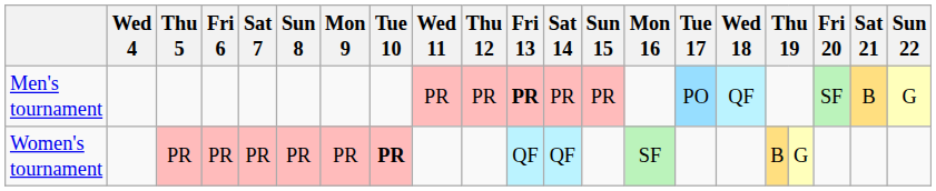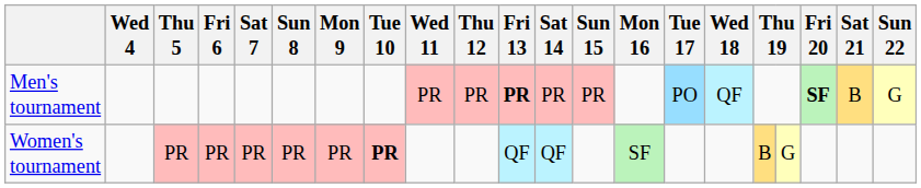 <table class="wikitable" style="margin:0.5em auto; font-size:90%; line-height:1.25em;text-align:center">
 <tr>
 <th></th>
 <th>Wed 4</th>
 <th>Thu 5</th>
 <th>Fri 6</th>
 <th>Sat 7</th>
 <th>Sun 8</th>
 <th>Mon 9</th>
 <th>Tue 10</th>
 <th>Wed 11</th>
 <th>Thu 12</th>
 <th>Fri 13</th>
 <th>Sat 14</th>
 <th>Sun 15</th>
 <th>Mon 16</th>
 <th>Tue 17</th>
 <th>Wed 18</th>
 <th colspan="2">Thu 19</th>
 <th>Fri 20</th>
 <th>Sat 21</th>
 <th>Sun 22</th>
 </tr>
 <tr>
 <td align="left"><a href='#'>Men's tournament</a></td>
 <td></td>
 <td></td>
 <td></td>
 <td></td>
 <td></td>
 <td></td>
 <td></td>
 <td bgcolor="#FFBBBB" align=center>PR</td>
 <td bgcolor="#FFBBBB" align=center>PR</td>
 <td bgcolor="#FFBBBB" align=center><strong>PR</strong></td>
 <td bgcolor="#FFBBBB" align=center>PR</td>
 <td bgcolor="#FFBBBB" align=center>PR</td>
 <td></td>
 <td bgcolor="#97DEFF" align=center>PO</td>
 <td bgcolor="#BBF3FF" align=center>QF</td>
 <td colspan=2></td>
-<td bgcolor="#BBF3BB" align=center>SF</td>
+<td bgcolor="#BBF3BB" align=center><strong>SF</strong></td>
 <td bgcolor="#FFDF80" align=center>B</td>
 <td bgcolor="#FFFFBB" align=center>G</td>
 </tr>
 <tr>
 <td align="left"><a href='#'>Women's tournament</a></td>
 <td></td>
 <td bgcolor="#FFBBBB" align=center>PR</td>
 <td bgcolor="#FFBBBB" align=center>PR</td>
 <td bgcolor="#FFBBBB" align=center>PR</td>
 <td bgcolor="#FFBBBB" align=center>PR</td>
 <td bgcolor="#FFBBBB" align=center>PR</td>
 <td bgcolor="#FFBBBB" align=center><strong>PR</strong></td>
 <td></td>
 <td></td>
 <td bgcolor="#BBF3FF" align=center>QF</td>
 <td bgcolor="#BBF3FF" align=center>QF</td>
 <td></td>
 <td bgcolor="#BBF3BB" align=center>SF</td>
 <td></td>
 <td></td>
 <td bgcolor="#FFDF80" align=center>B</td>
 <td bgcolor="#FFFFBB" align=center>G</td>
 <td></td>
 <td></td>
 <td></td>
 </tr>
 </table>
